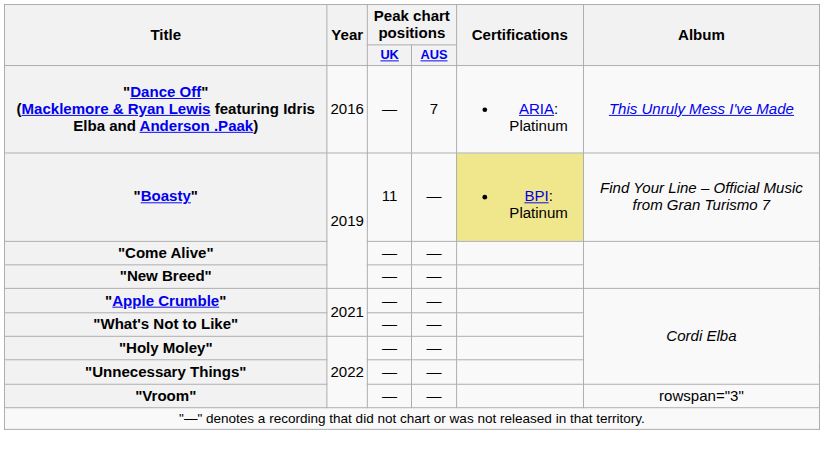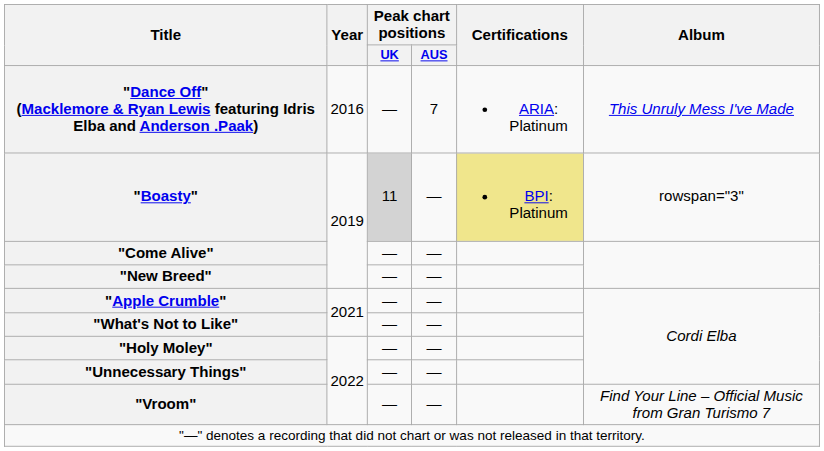 <table class="wikitable plainrowheaders" style="text-align:center;">
 <tr>
 <th scope="col" rowspan="2">Title</th>
 <th scope="col" rowspan="2">Year</th>
 <th scope="col" colspan="2">Peak chart positions</th>
 <th scope="col" rowspan="2">Certifications</th>
 <th scope="col" rowspan="2">Album</th>
 </tr>
 <tr>
 <th scope="col" style="width:3em;font-size:85%;"><a href='#'>UK</a><br></th>
 <th scope="col" style="width:3em;font-size:85%;"><a href='#'>AUS</a><br></th>
 </tr>
 <tr>
 <th scope="row">"<a href='#'>Dance Off</a>"<br><span>(<a href='#'>Macklemore & Ryan Lewis</a> featuring Idris Elba and <a href='#'>Anderson .Paak</a>)</span></th>
 <td>2016</td>
 <td>—</td>
 <td>7</td>
 <td><br><ul><li><a href='#'>ARIA</a>: Platinum</li></ul></td>
 <td><em><a href='#'>This Unruly Mess I've Made</a></em></td>
 </tr>
 <tr>
 <th scope="row">"<a href='#'>Boasty</a>"<br></th>
 <td rowspan="3">2019</td>
-<td>11</td>
+<td style="background: lightgrey;">11</td>
 <td>—</td>
 <td style="background: khaki;"><br><ul><li><a href='#'>BPI</a>: Platinum</li></ul></td>
-<td><em>Find Your Line – Official Music from Gran Turismo 7</em></td>
+<td>rowspan="3" </td>
 </tr>
 <tr>
 <th scope="row">"Come Alive"<br></th>
 <td>—</td>
 <td>—</td>
 <td></td>
 </tr>
 <tr>
 <th scope="row">"New Breed"<br></th>
 <td>—</td>
 <td>—</td>
 <td></td>
 </tr>
 <tr>
 <th scope="row">"<a href='#'>Apple Crumble</a>"<br></th>
 <td rowspan="2">2021</td>
 <td>—</td>
 <td>—</td>
 <td></td>
 <td rowspan="4"><em>Cordi Elba</em></td>
 </tr>
 <tr>
 <th scope="row">"What's Not to Like"<br></th>
 <td>—</td>
 <td>—</td>
 <td></td>
 </tr>
 <tr>
 <th scope="row">"Holy Moley"<br></th>
 <td rowspan="3">2022</td>
 <td>—</td>
 <td>—</td>
 <td></td>
 </tr>
 <tr>
 <th scope="row">"Unnecessary Things"<br></th>
 <td>—</td>
 <td>—</td>
 <td></td>
 </tr>
 <tr>
 <th scope="row">"Vroom"<br></th>
 <td>—</td>
 <td>—</td>
 <td></td>
-<td>rowspan="3" </td>
+<td><em>Find Your Line – Official Music from Gran Turismo 7</em></td>
 </tr>
 <tr>
 <td colspan="6" style="font-size:90%">"—" denotes a recording that did not chart or was not released in that territory.</td>
 </tr>
 </table>
